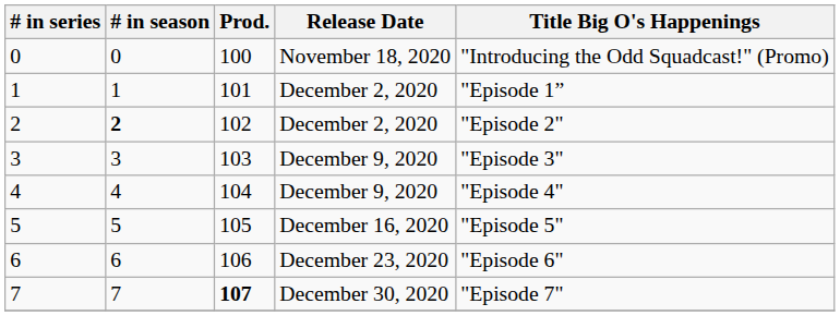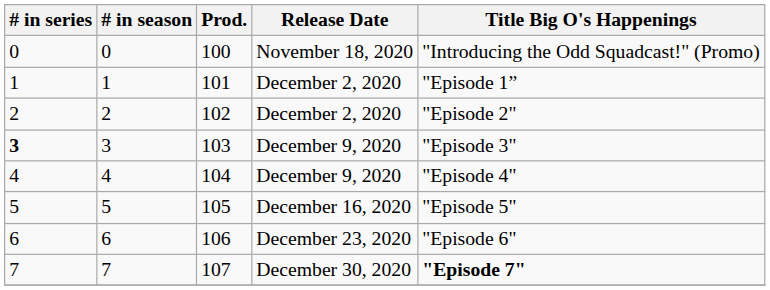 <table class="wikitable">
 <tr>
 <th># in series</th>
 <th># in season</th>
 <th>Prod.</th>
 <th>Release Date</th>
 <th>Title Big O's Happenings</th>
 </tr>
 <tr>
 <td>0</td>
 <td>0</td>
 <td>100</td>
 <td>November 18, 2020</td>
 <td>"Introducing the Odd Squadcast!" (Promo)</td>
 </tr>
 <tr>
 <td>1</td>
 <td>1</td>
 <td>101</td>
 <td>December 2, 2020</td>
 <td>"Episode 1”</td>
 </tr>
 <tr>
 <td>2</td>
-<td><strong>2</strong></td>
+<td>2</td>
 <td>102</td>
 <td>December 2, 2020</td>
 <td>"Episode 2"</td>
 </tr>
 <tr>
-<td>3</td>
+<td><strong>3</strong></td>
 <td>3</td>
 <td>103</td>
 <td>December 9, 2020</td>
 <td>"Episode 3"</td>
 </tr>
 <tr>
 <td>4</td>
 <td>4</td>
 <td>104</td>
 <td>December 9, 2020</td>
 <td>"Episode 4"</td>
 </tr>
 <tr>
 <td>5</td>
 <td>5</td>
 <td>105</td>
 <td>December 16, 2020</td>
 <td>"Episode 5"</td>
 </tr>
 <tr>
 <td>6</td>
 <td>6</td>
 <td>106</td>
 <td>December 23, 2020</td>
 <td>"Episode 6"</td>
 </tr>
 <tr>
 <td>7</td>
 <td>7</td>
-<td><strong>107</strong></td>
+<td>107</td>
 <td>December 30, 2020</td>
-<td>"Episode 7"</td>
+<td><strong>"Episode 7"</strong></td>
 </tr>
 <tr>
 </tr>
 </table>
